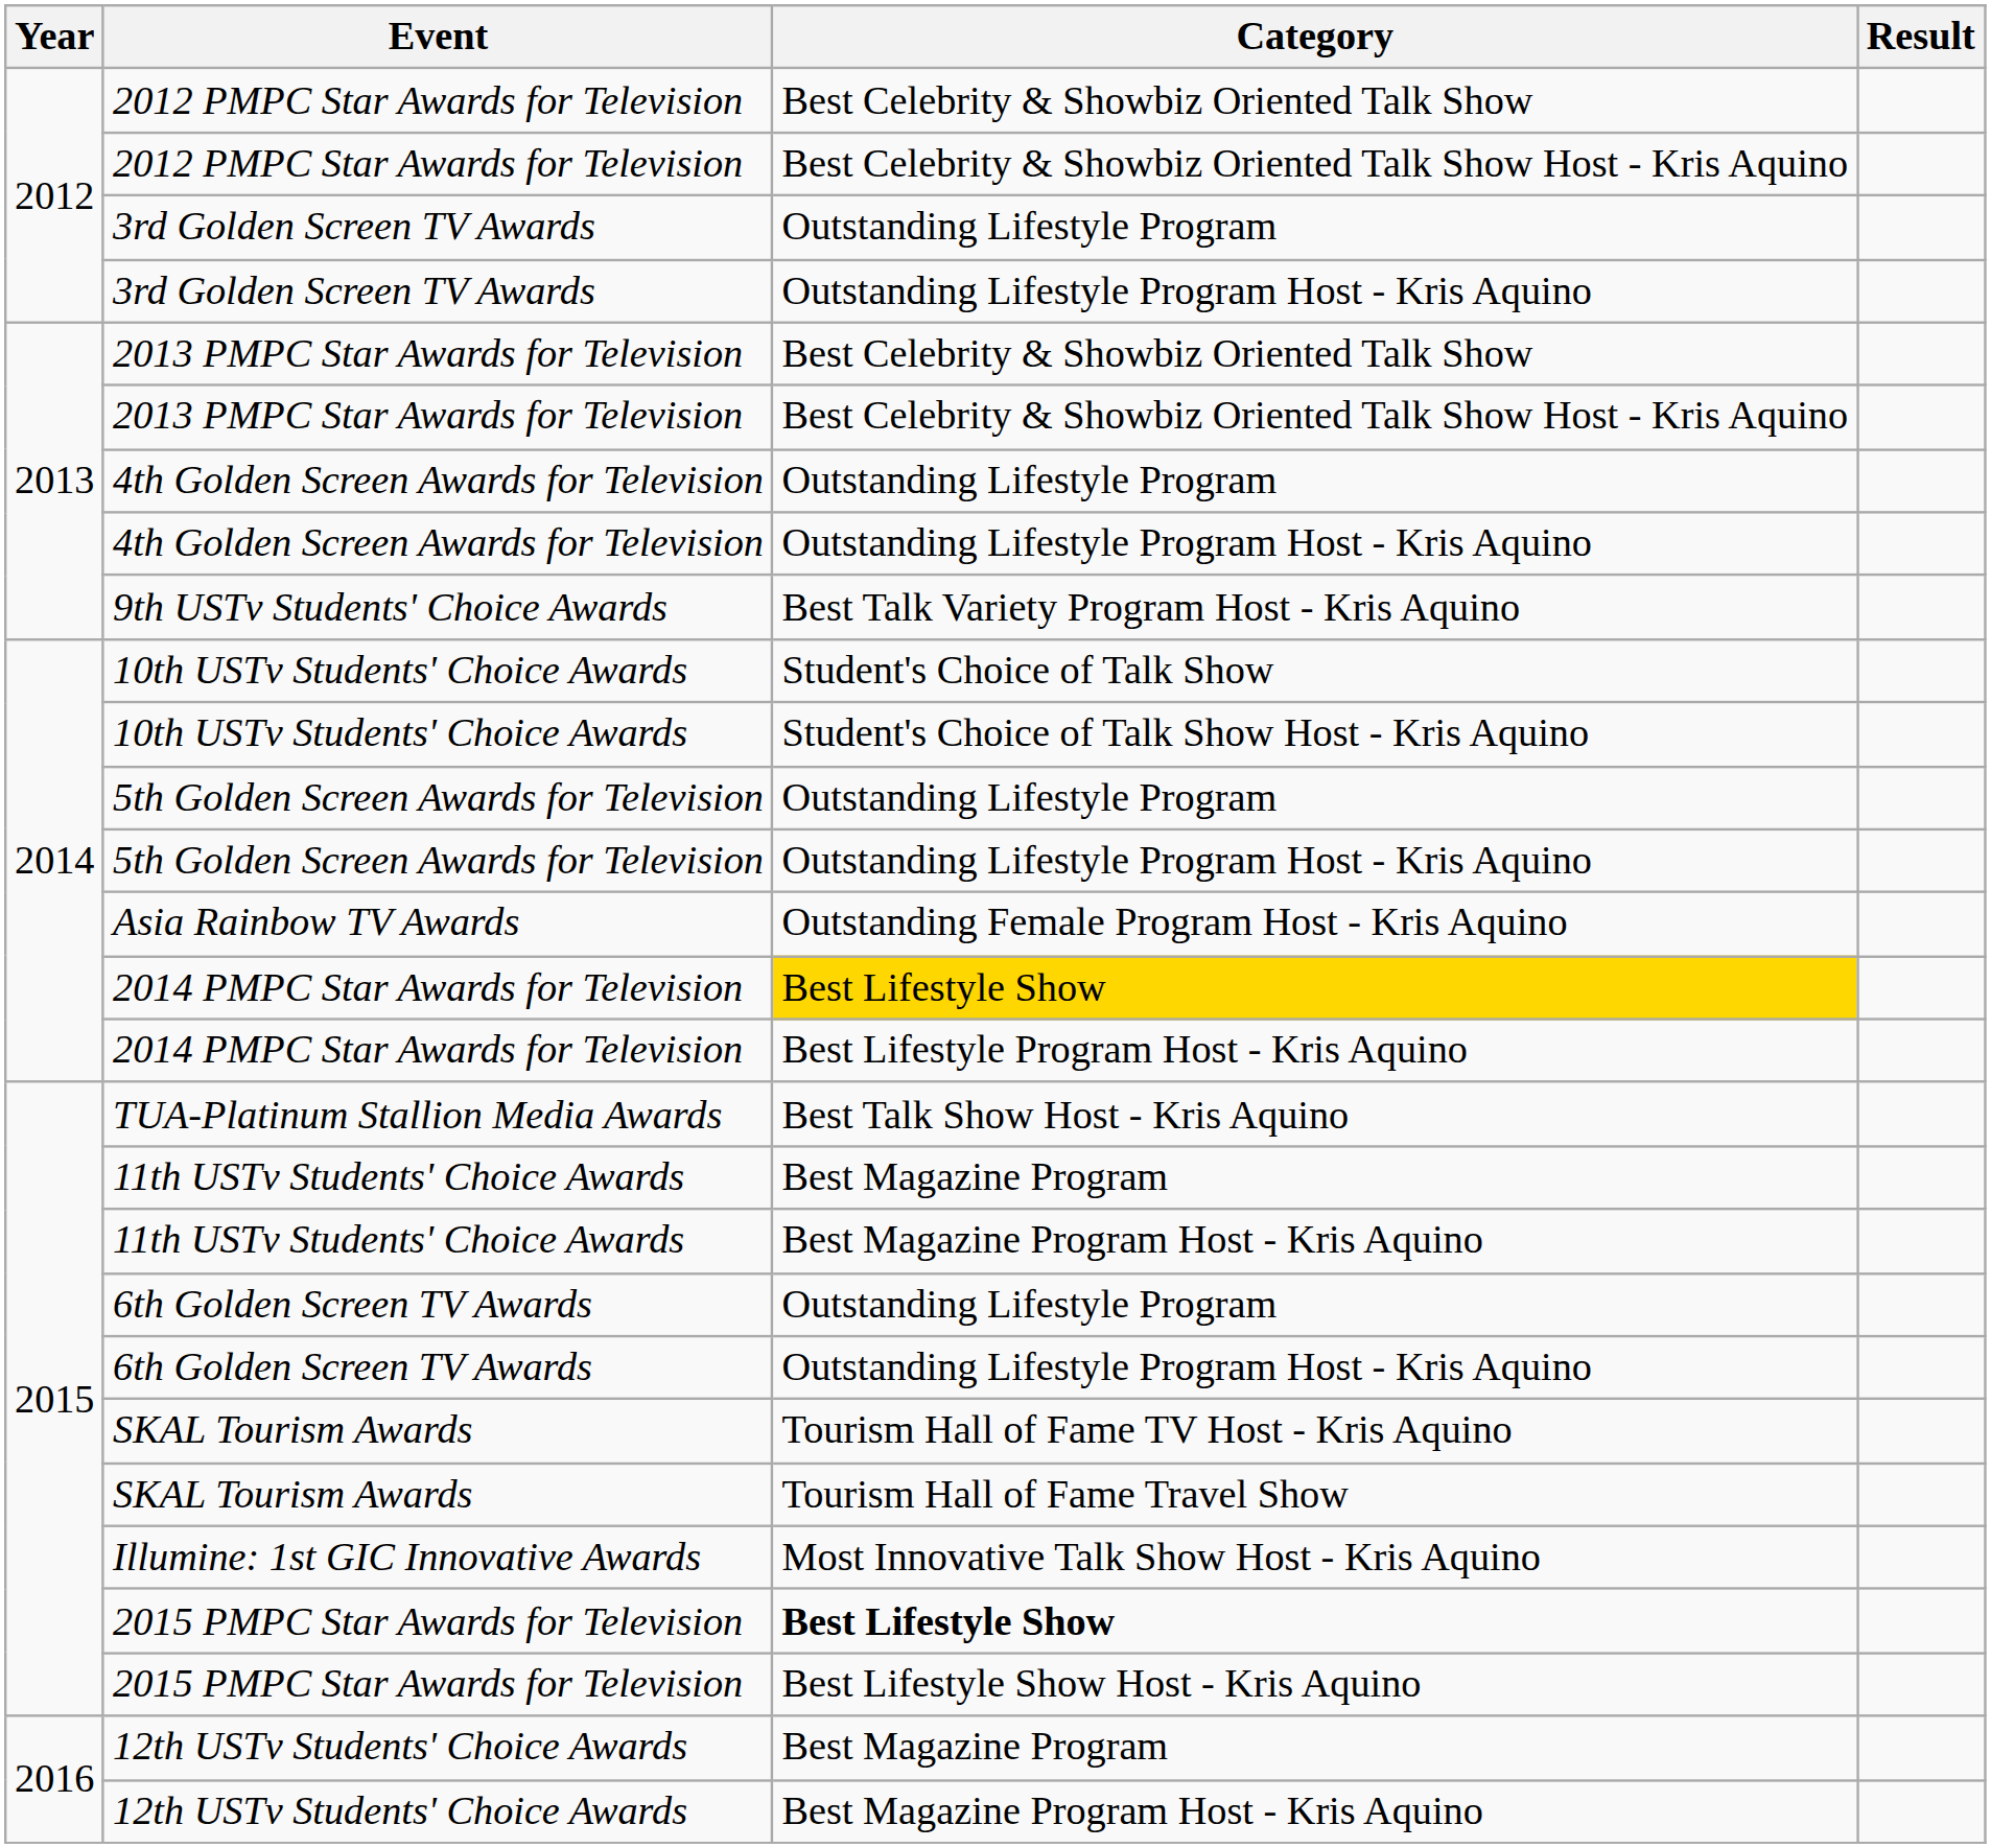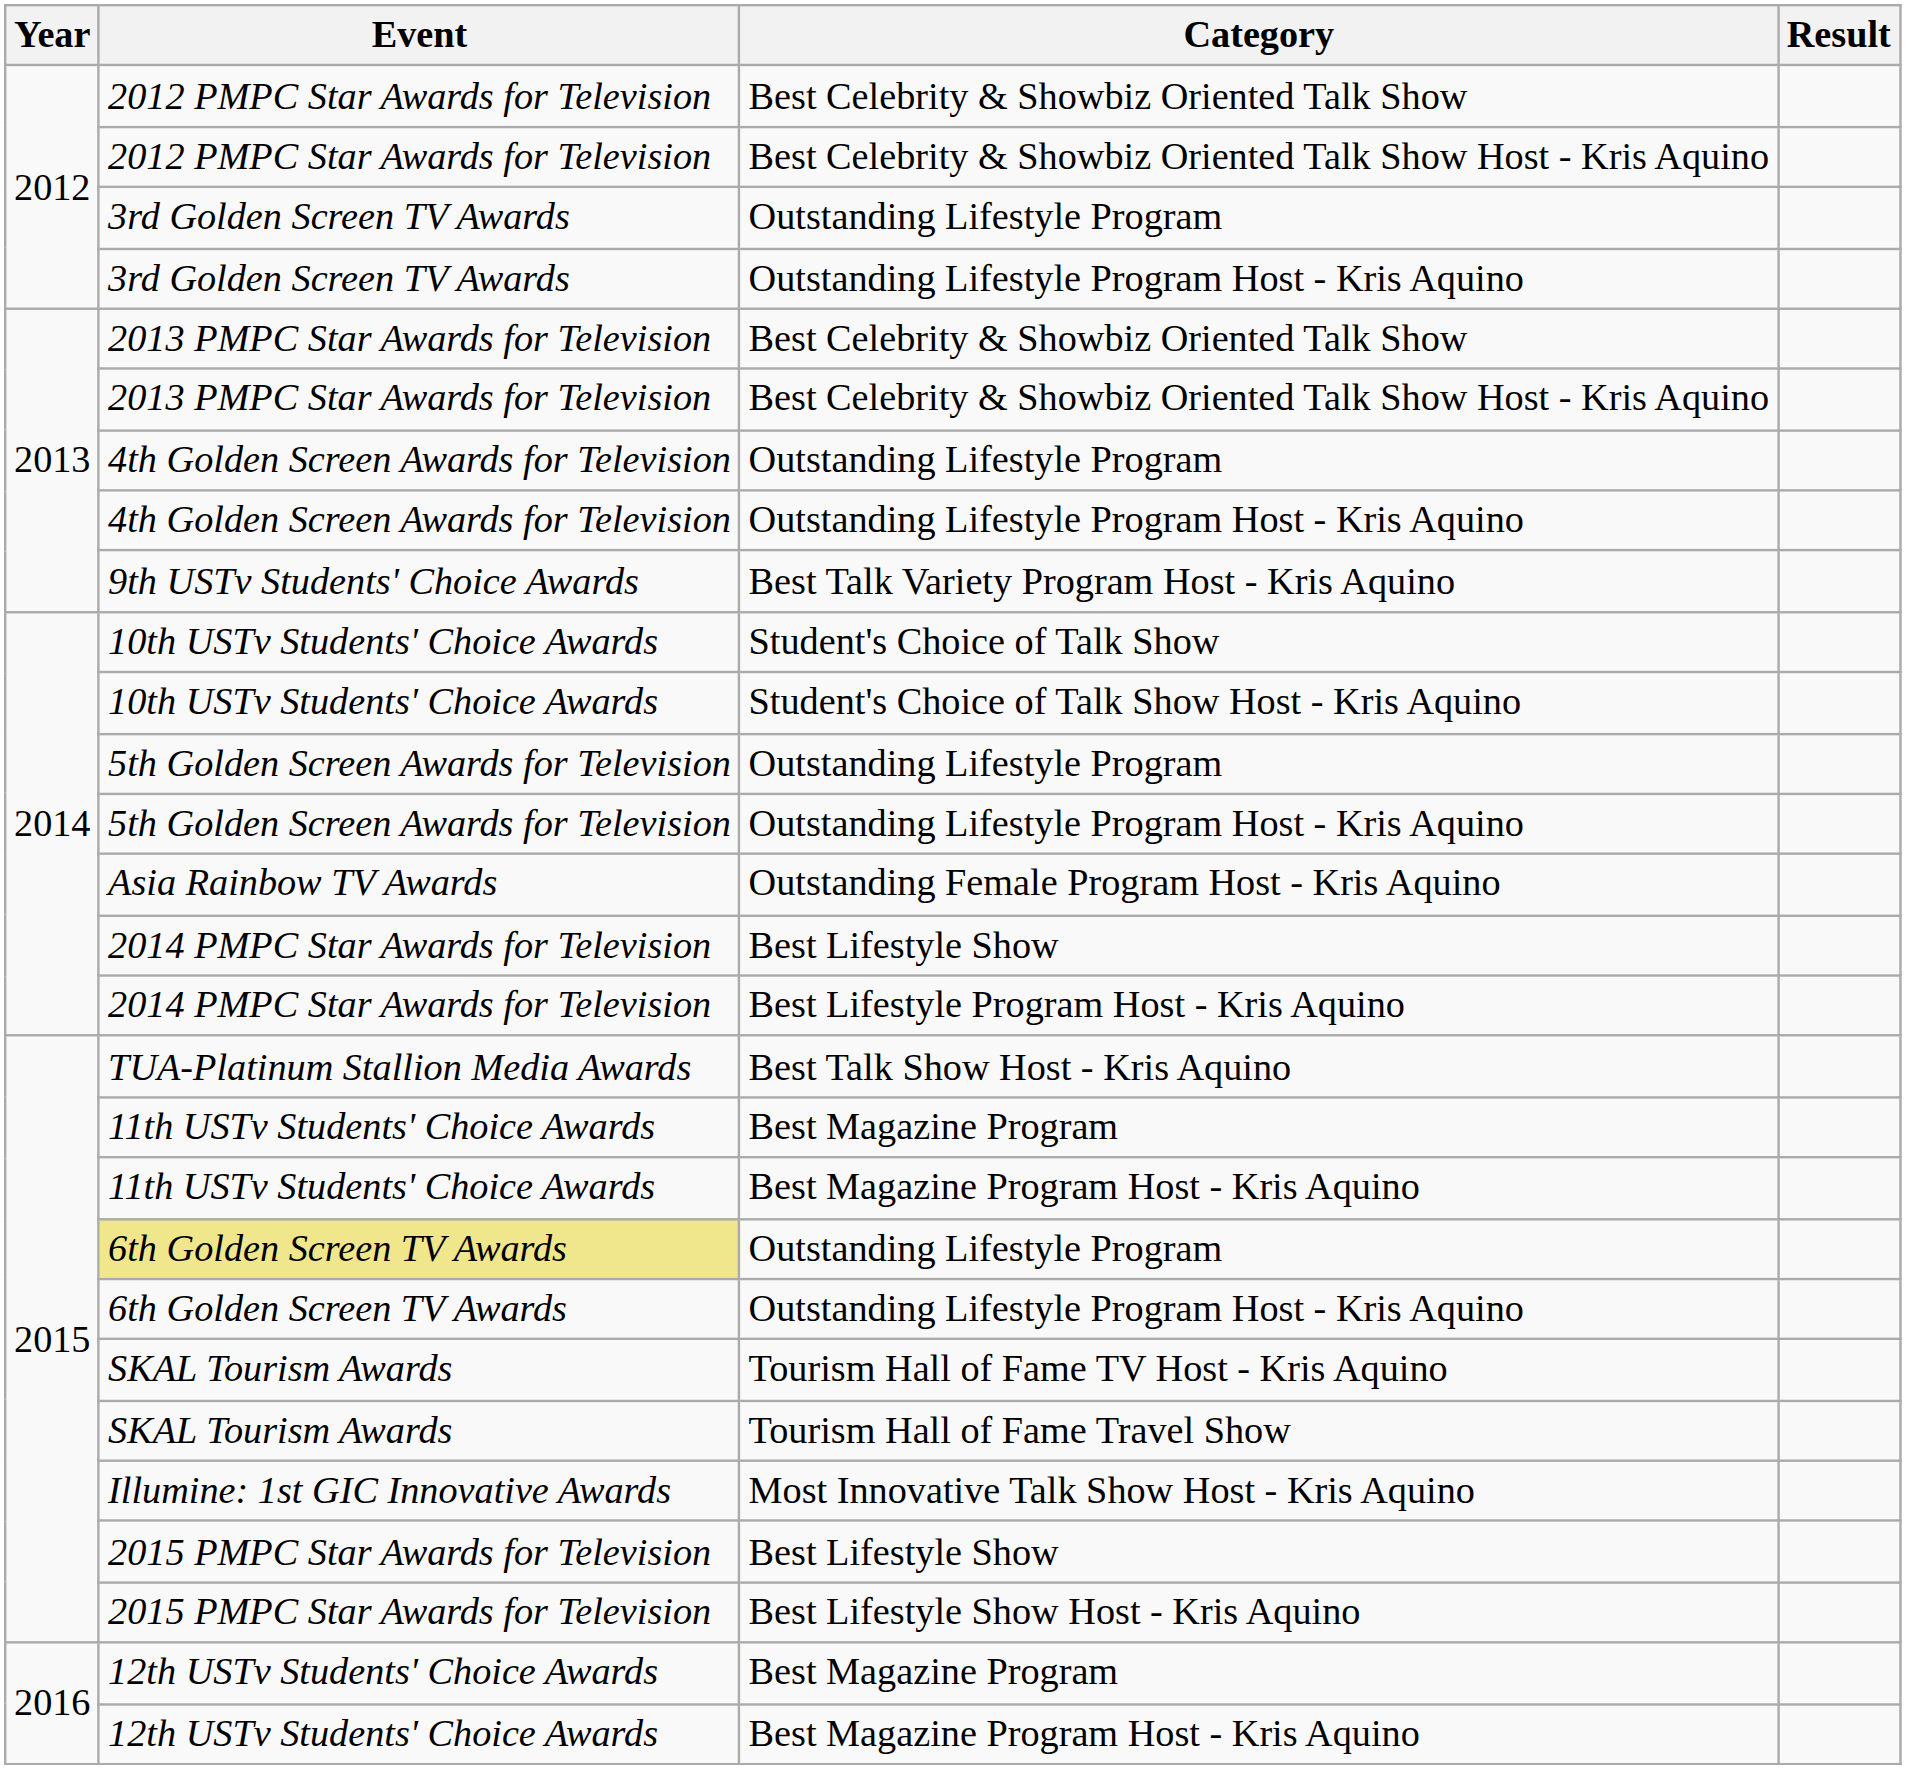 <table class="wikitable">
 <tr>
 <th>Year</th>
 <th>Event</th>
 <th>Category</th>
 <th>Result</th>
 </tr>
 <tr>
 <td rowspan=4>2012</td>
 <td><em>2012 PMPC Star Awards for Television</em></td>
 <td>Best Celebrity & Showbiz Oriented Talk Show</td>
 <td></td>
 </tr>
 <tr>
 <td><em>2012 PMPC Star Awards for Television</em></td>
 <td>Best Celebrity & Showbiz Oriented Talk Show Host - Kris Aquino</td>
 <td></td>
 </tr>
 <tr>
 <td><em>3rd Golden Screen TV Awards</em></td>
 <td>Outstanding Lifestyle Program</td>
 <td></td>
 </tr>
 <tr>
 <td><em>3rd Golden Screen TV Awards</em></td>
 <td>Outstanding Lifestyle Program Host - Kris Aquino</td>
 <td></td>
 </tr>
 <tr>
 <td rowspan=5>2013</td>
 <td><em>2013 PMPC Star Awards for Television</em></td>
 <td>Best Celebrity & Showbiz Oriented Talk Show</td>
 <td></td>
 </tr>
 <tr>
 <td><em>2013 PMPC Star Awards for Television</em></td>
 <td>Best Celebrity & Showbiz Oriented Talk Show Host - Kris Aquino</td>
 <td></td>
 </tr>
 <tr>
 <td><em>4th Golden Screen Awards for Television</em></td>
 <td>Outstanding Lifestyle Program</td>
 <td></td>
 </tr>
 <tr>
 <td><em>4th Golden Screen Awards for Television</em></td>
 <td>Outstanding Lifestyle Program Host - Kris Aquino</td>
 <td></td>
 </tr>
 <tr>
 <td><em>9th USTv Students' Choice Awards</em></td>
 <td>Best Talk Variety Program Host - Kris Aquino</td>
 <td></td>
 </tr>
 <tr>
 <td rowspan=7>2014</td>
 <td><em>10th USTv Students' Choice Awards</em></td>
 <td>Student's Choice of Talk Show</td>
 <td></td>
 </tr>
 <tr>
 <td><em>10th USTv Students' Choice Awards</em></td>
 <td>Student's Choice of Talk Show Host - Kris Aquino</td>
 <td></td>
 </tr>
 <tr>
 <td><em>5th Golden Screen Awards for Television</em></td>
 <td>Outstanding Lifestyle Program</td>
 <td></td>
 </tr>
 <tr>
 <td><em>5th Golden Screen Awards for Television</em></td>
 <td>Outstanding Lifestyle Program Host - Kris Aquino</td>
 <td></td>
 </tr>
 <tr>
 <td><em>Asia Rainbow TV Awards</em></td>
 <td>Outstanding Female Program Host - Kris Aquino</td>
 <td></td>
 </tr>
 <tr>
 <td><em> 2014 PMPC Star Awards for Television</em></td>
-<td style="background: gold;">Best Lifestyle Show</td>
+<td>Best Lifestyle Show</td>
 <td></td>
 </tr>
 <tr>
 <td><em>2014 PMPC Star Awards for Television</em></td>
 <td>Best Lifestyle Program Host - Kris Aquino</td>
 <td></td>
 </tr>
 <tr>
 <td rowspan=10>2015</td>
 <td><em>TUA-Platinum Stallion Media Awards</em></td>
 <td>Best Talk Show Host - Kris Aquino</td>
 <td></td>
 </tr>
 <tr>
 <td><em>11th USTv Students' Choice Awards</em></td>
 <td>Best Magazine Program</td>
 <td></td>
 </tr>
 <tr>
 <td><em>11th USTv Students' Choice Awards</em></td>
 <td>Best Magazine Program Host - Kris Aquino</td>
 <td></td>
 </tr>
 <tr>
-<td><em>6th Golden Screen TV Awards</em></td>
+<td style="background: khaki;"><em>6th Golden Screen TV Awards</em></td>
 <td>Outstanding Lifestyle Program</td>
 <td></td>
 </tr>
 <tr>
 <td><em>6th Golden Screen TV Awards</em></td>
 <td>Outstanding Lifestyle Program Host - Kris Aquino</td>
 <td></td>
 </tr>
 <tr>
 <td><em>SKAL Tourism Awards</em></td>
 <td>Tourism Hall of Fame TV Host - Kris Aquino</td>
 <td></td>
 </tr>
 <tr>
 <td><em>SKAL Tourism Awards</em></td>
 <td>Tourism Hall of Fame Travel Show</td>
 <td></td>
 </tr>
 <tr>
 <td><em>Illumine: 1st GIC Innovative Awards</em></td>
 <td>Most Innovative Talk Show Host - Kris Aquino</td>
 <td></td>
 </tr>
 <tr>
 <td><em> 2015 PMPC Star Awards for Television</em></td>
-<td><strong>Best Lifestyle Show</strong></td>
+<td>Best Lifestyle Show</td>
 <td></td>
 </tr>
 <tr>
 <td><em> 2015 PMPC Star Awards for Television</em></td>
 <td>Best Lifestyle Show Host - Kris Aquino</td>
 <td></td>
 </tr>
 <tr>
 <td rowspan="2">2016</td>
 <td><em>12th USTv Students' Choice Awards</em></td>
 <td>Best Magazine Program</td>
 <td></td>
 </tr>
 <tr>
 <td><em>12th USTv Students' Choice Awards</em></td>
 <td>Best Magazine Program Host - Kris Aquino</td>
 <td></td>
 </tr>
 <tr>
 </tr>
 </table>
